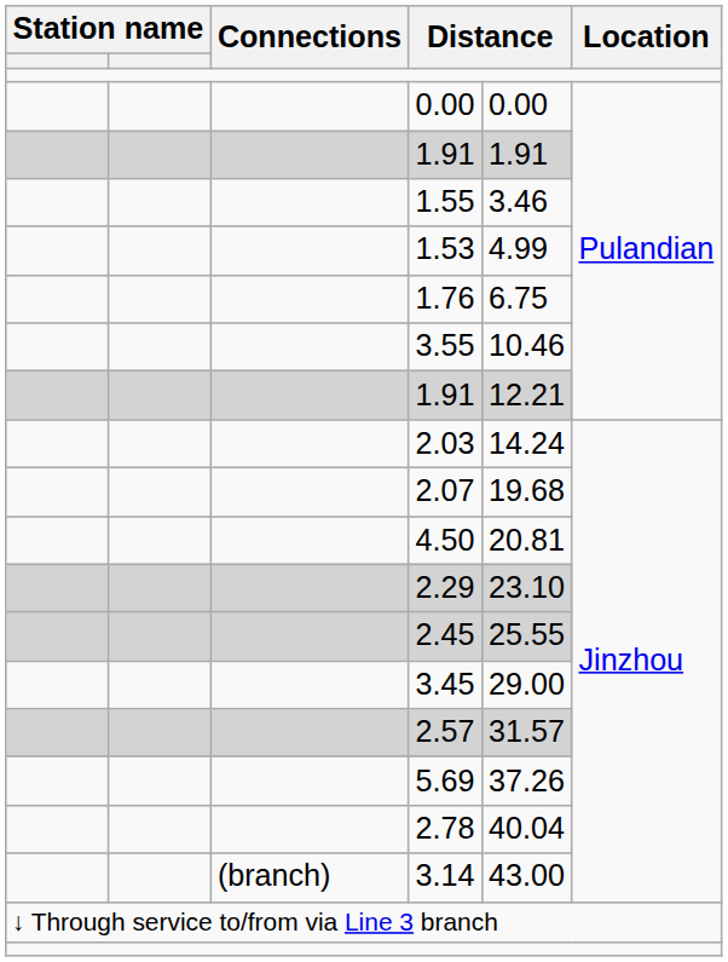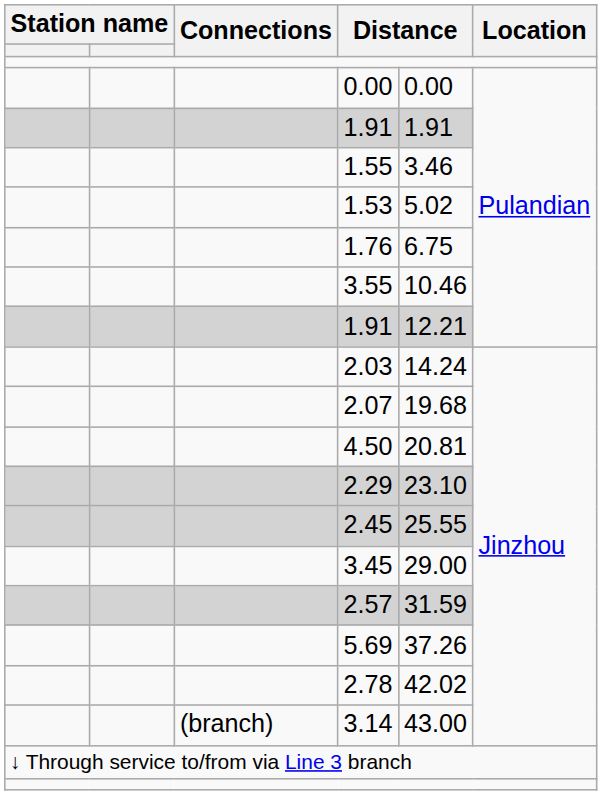 <table class="wikitable">
 <tr>
 <th colspan="2">Station name</th>
 <th rowspan="2">Connections</th>
 <th colspan="2" rowspan="2">Distance<br></th>
 <th rowspan="2">Location</th>
 </tr>
 <tr>
 <th></th>
 <th></th>
 </tr>
 <tr style="background:#">
 <td colspan="6"></td>
 </tr>
 <tr>
 <td></td>
 <td></td>
 <td></td>
 <td>0.00</td>
 <td>0.00</td>
 <td rowspan="7"><a href='#'>Pulandian</a></td>
 </tr>
 <tr bgcolor="lightgrey">
 <td><em></em></td>
 <td></td>
 <td></td>
 <td>1.91</td>
 <td>1.91</td>
 </tr>
 <tr>
 <td></td>
 <td></td>
 <td></td>
 <td>1.55</td>
 <td>3.46</td>
 </tr>
 <tr>
 <td></td>
 <td></td>
 <td></td>
 <td>1.53</td>
-<td>4.99</td>
+<td>5.02</td>
 </tr>
 <tr>
 <td></td>
 <td></td>
 <td></td>
 <td>1.76</td>
 <td>6.75</td>
 </tr>
 <tr>
 <td></td>
 <td></td>
 <td></td>
 <td>3.55</td>
 <td>10.46</td>
 </tr>
 <tr bgcolor="lightgrey">
 <td><em></em></td>
 <td></td>
 <td></td>
 <td>1.91</td>
 <td>12.21</td>
 </tr>
 <tr>
 <td></td>
 <td></td>
 <td></td>
 <td>2.03</td>
 <td>14.24</td>
 <td rowspan="10"><a href='#'>Jinzhou</a></td>
 </tr>
 <tr>
 <td></td>
 <td></td>
 <td></td>
 <td>2.07</td>
 <td>19.68</td>
 </tr>
 <tr>
 <td></td>
 <td></td>
 <td></td>
 <td>4.50</td>
 <td>20.81</td>
 </tr>
 <tr bgcolor="lightgrey">
 <td><em></em></td>
 <td></td>
 <td></td>
 <td>2.29</td>
 <td>23.10</td>
 </tr>
 <tr bgcolor="lightgrey">
 <td><em></em></td>
 <td></td>
 <td></td>
 <td>2.45</td>
 <td>25.55</td>
 </tr>
 <tr>
 <td></td>
 <td></td>
 <td></td>
 <td>3.45</td>
 <td>29.00</td>
 </tr>
 <tr bgcolor="lightgrey">
 <td><em></em></td>
 <td></td>
 <td></td>
 <td>2.57</td>
-<td>31.57</td>
+<td>31.59</td>
 </tr>
 <tr>
 <td></td>
 <td></td>
 <td></td>
 <td>5.69</td>
 <td>37.26</td>
 </tr>
 <tr>
 <td></td>
 <td></td>
 <td></td>
 <td>2.78</td>
-<td>40.04</td>
+<td>42.02</td>
 </tr>
 <tr>
 <td></td>
 <td></td>
 <td> (branch)</td>
 <td>3.14</td>
 <td>43.00</td>
 </tr>
 <tr style="font-size:smaller">
 <td colspan=6>↓ Through service to/from  via <a href='#'>Line 3</a> branch</td>
 </tr>
 <tr style="background:#">
 <td colspan="6"></td>
 </tr>
 </table>
